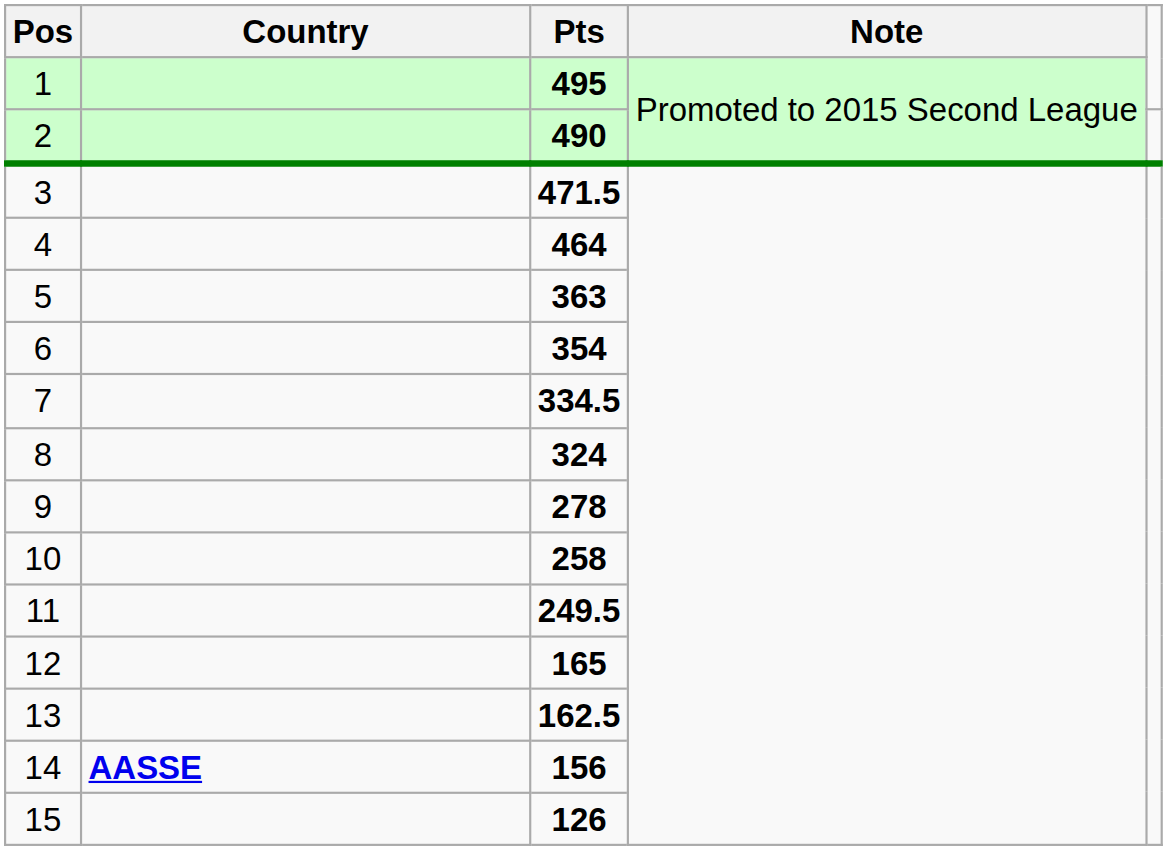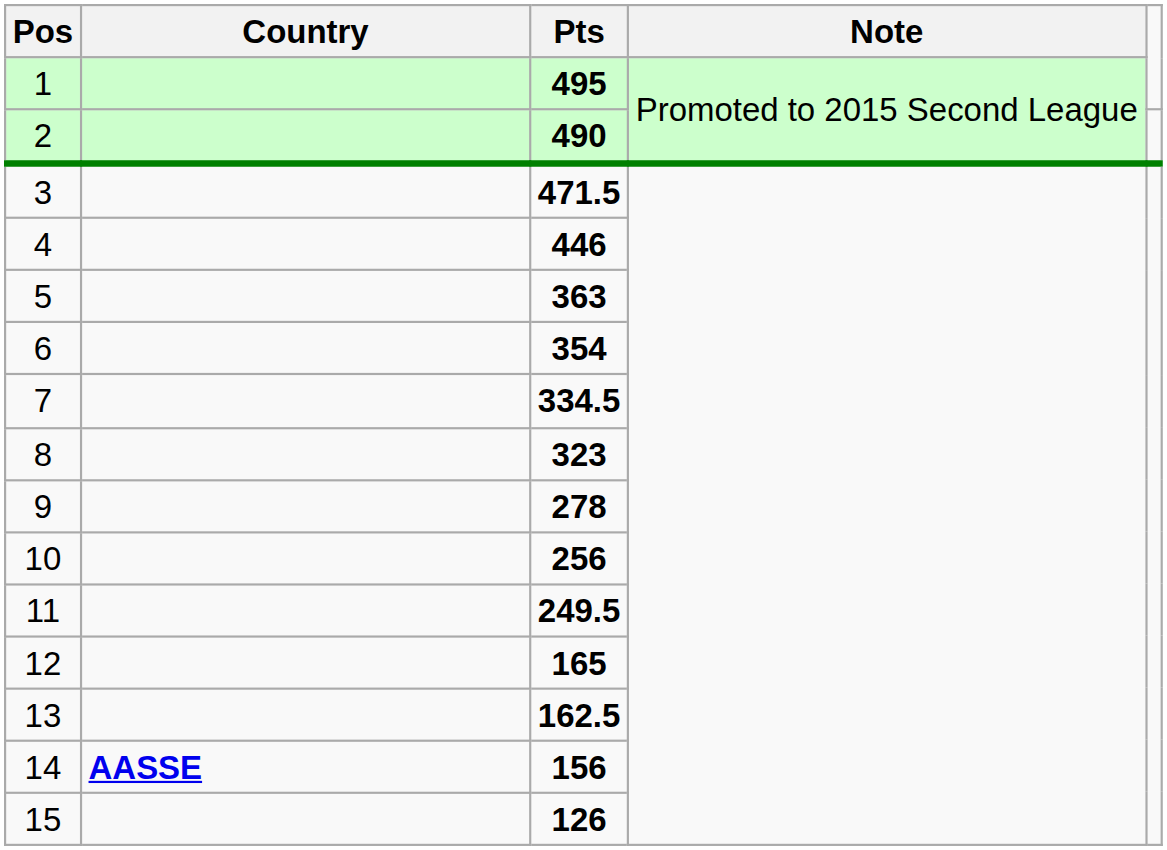 <table class="wikitable" style="text-align: center; font-size:95%">
 <tr>
 <th width="25">Pos</th>
 <th width="200">Country</th>
 <th width="25">Pts</th>
 <th>Note</th>
 <td rowspan=2></td>
 </tr>
 <tr style="borden-bottom:3px solid green;" bgcolor=ccffcc>
 <td>1</td>
 <td align="left"></td>
 <td><strong>495</strong></td>
 <td rowspan=2>Promoted to 2015 Second League</td>
 </tr>
 <tr style="border-bottom:3px solid green;" bgcolor=ccffcc>
 <td>2</td>
 <td align="left"></td>
 <td><strong>490</strong></td>
 </tr>
 <tr>
 <td>3</td>
 <td align="left"></td>
 <td><strong>471.5</strong></td>
 <td rowspan=13></td>
 </tr>
 <tr>
 <td>4</td>
 <td align="left"></td>
-<td><strong>464</strong></td>
+<td><strong>446</strong></td>
 </tr>
 <tr>
 <td>5</td>
 <td align="left"></td>
 <td><strong>363</strong></td>
 </tr>
 <tr>
 <td>6</td>
 <td align="left"></td>
 <td><strong>354</strong></td>
 </tr>
 <tr>
 <td>7</td>
 <td align="left"></td>
 <td><strong>334.5</strong></td>
 </tr>
 <tr>
 <td>8</td>
 <td align="left"></td>
-<td><strong>324</strong></td>
+<td><strong>323</strong></td>
 </tr>
 <tr>
 <td>9</td>
 <td align="left"></td>
 <td><strong>278</strong></td>
 </tr>
 <tr>
 <td>10</td>
 <td align="left"></td>
-<td><strong>258</strong></td>
+<td><strong>256</strong></td>
 </tr>
 <tr>
 <td>11</td>
 <td align="left"></td>
 <td><strong>249.5</strong></td>
 </tr>
 <tr>
 <td>12</td>
 <td align="left"></td>
 <td><strong>165</strong></td>
 </tr>
 <tr>
 <td>13</td>
 <td align="left"></td>
 <td><strong>162.5</strong></td>
 </tr>
 <tr>
 <td>14</td>
 <td align="left"><strong> <a href='#'>AASSE</a></strong></td>
 <td><strong>156</strong></td>
 </tr>
 <tr>
 <td>15</td>
 <td align="left"></td>
 <td><strong>126</strong></td>
 </tr>
 </table>
